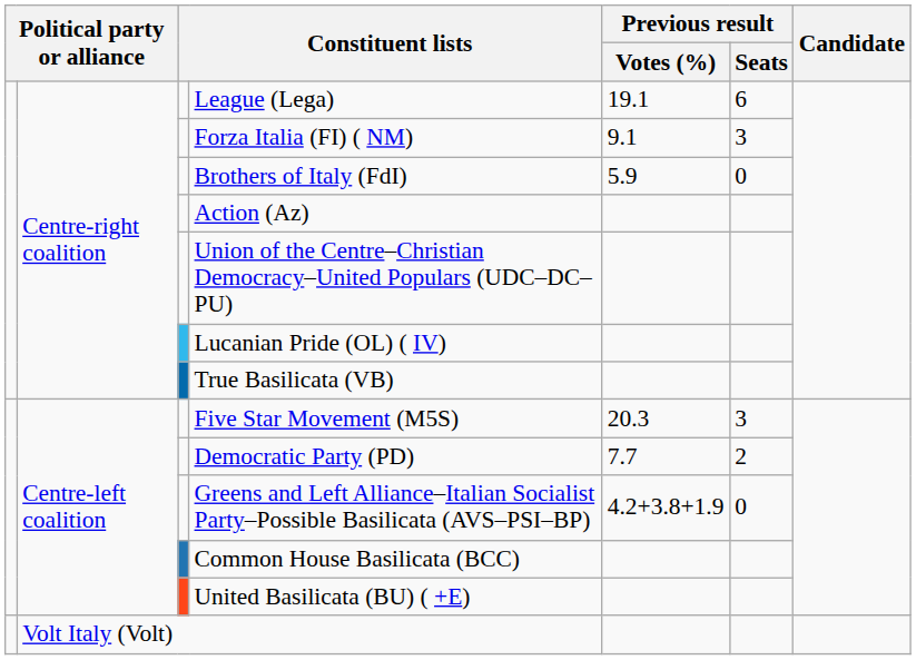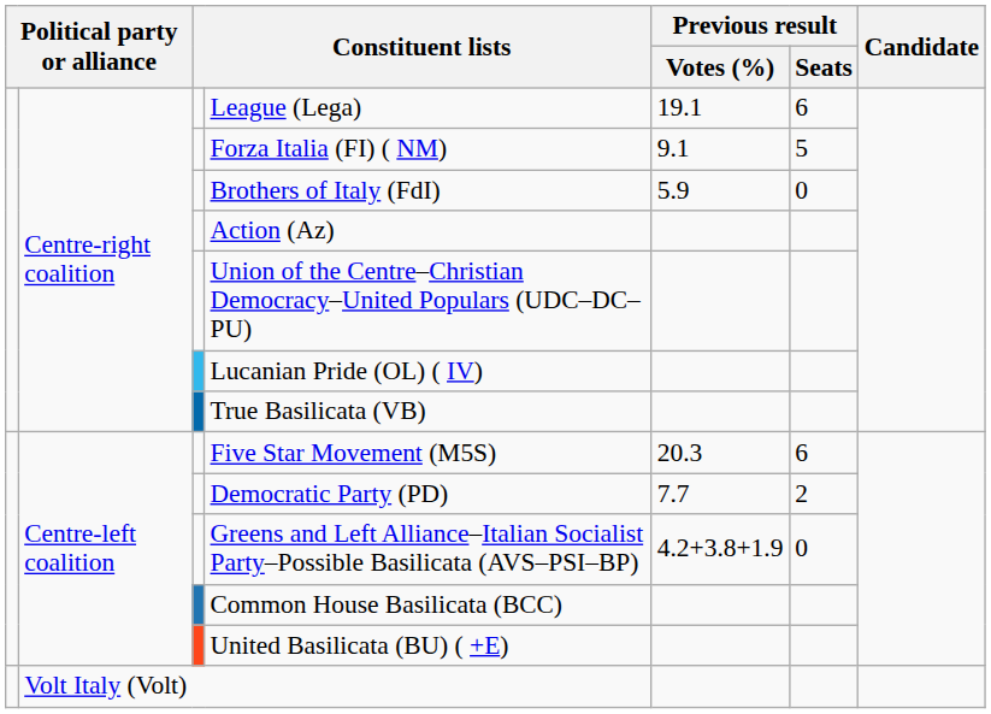 <table class="wikitable" style="text-align:left">
 <tr>
 <th colspan=2 rowspan="2">Political party or alliance</th>
 <th colspan=2 rowspan="2">Constituent lists</th>
 <th colspan="2">Previous result</th>
 <th colspan="2" rowspan="2">Candidate</th>
 </tr>
 <tr>
 <th>Votes (%)</th>
 <th>Seats</th>
 </tr>
 <tr>
 <td rowspan="7" style="background:"></td>
 <td rowspan=7><a href='#'>Centre-right coalition</a></td>
 <td></td>
 <td style="text-align:left;"><a href='#'>League</a> (Lega)</td>
 <td>19.1</td>
 <td>6</td>
 <td rowspan="7"></td>
 </tr>
 <tr>
 <td></td>
 <td style="text-align:left;"><a href='#'>Forza Italia</a> (FI) ( <a href='#'>NM</a>)</td>
 <td>9.1</td>
-<td>3</td>
+<td>5</td>
 </tr>
 <tr>
 <td></td>
 <td style="text-align:left;"><a href='#'>Brothers of Italy</a> (FdI)</td>
 <td>5.9</td>
 <td>0</td>
 </tr>
 <tr>
 <td></td>
 <td><a href='#'>Action</a> (Az)</td>
 <td></td>
 <td></td>
 </tr>
 <tr>
 <td></td>
 <td><a href='#'>Union of the Centre</a>–<a href='#'>Christian Democracy</a>–<a href='#'>United Populars</a> (UDC–DC–PU)</td>
 <td></td>
 <td></td>
 </tr>
 <tr>
 <td bgcolor="#30b9ed"></td>
 <td>Lucanian Pride (OL) ( <a href='#'>IV</a>)</td>
 <td></td>
 <td></td>
 </tr>
 <tr>
 <td bgcolor="#036aac"></td>
 <td>True Basilicata (VB)</td>
 <td></td>
 <td></td>
 </tr>
 <tr>
 <td rowspan="5"></td>
 <td rowspan=5><a href='#'>Centre-left coalition</a></td>
 <td style="background-color:"></td>
 <td><a href='#'>Five Star Movement</a> (M5S)</td>
 <td>20.3</td>
-<td>3</td>
+<td>6</td>
 <td rowspan="5"></td>
 </tr>
 <tr>
 <td></td>
 <td style="text-align:left;"><a href='#'>Democratic Party</a> (PD)</td>
 <td>7.7</td>
 <td>2</td>
 </tr>
 <tr>
 <td style="background-color:"></td>
 <td><a href='#'>Greens and Left Alliance</a>–<a href='#'>Italian Socialist Party</a>–Possible Basilicata (AVS–PSI–BP)</td>
 <td>4.2+3.8+1.9</td>
 <td>0</td>
 </tr>
 <tr>
 <td style="background-color:#2175b2"></td>
 <td>Common House Basilicata (BCC)</td>
 <td></td>
 <td></td>
 </tr>
 <tr>
 <td bgcolor="#ff461a"></td>
 <td>United Basilicata (BU) ( <a href='#'>+E</a>)</td>
 <td></td>
 <td></td>
 </tr>
 <tr>
 <td style="background-color:"></td>
 <td colspan=3><a href='#'>Volt Italy</a> (Volt)</td>
 <td></td>
 <td></td>
 <td></td>
 </tr>
 </table>
